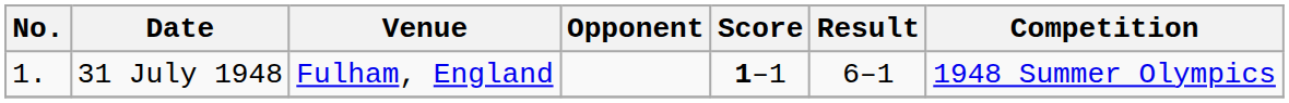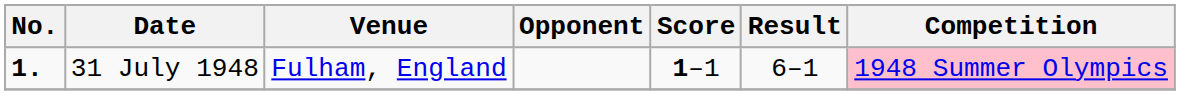 <table class="wikitable">
 <tr>
 <th>No.</th>
 <th>Date</th>
 <th>Venue</th>
 <th>Opponent</th>
 <th>Score</th>
 <th>Result</th>
 <th>Competition</th>
 </tr>
 <tr>
-<td>1.</td>
+<td><strong>1.</strong></td>
 <td>31 July 1948</td>
 <td><a href='#'>Fulham</a>, <a href='#'>England</a></td>
 <td></td>
 <td align=center><strong>1</strong>–1</td>
 <td align=center>6–1</td>
-<td><a href='#'>1948 Summer Olympics</a></td>
+<td style="background: pink;"><a href='#'>1948 Summer Olympics</a></td>
 </tr>
 <tr>
 </tr>
 </table>
